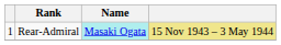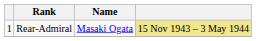 <table class=wikitable>
 <tr>
 <th></th>
 <th>Rank</th>
 <th>Name</th>
 <th Date></th>
 </tr>
 <tr>
 <td>1</td>
 <td>Rear-Admiral</td>
-<td style="background: paleturquoise;"><a href='#'>Masaki Ogata</a></td>
+<td><a href='#'>Masaki Ogata</a></td>
 <td style="background: khaki;">15 Nov 1943 – 3 May 1944</td>
 </tr>
 <tr>
 </tr>
 </table>
